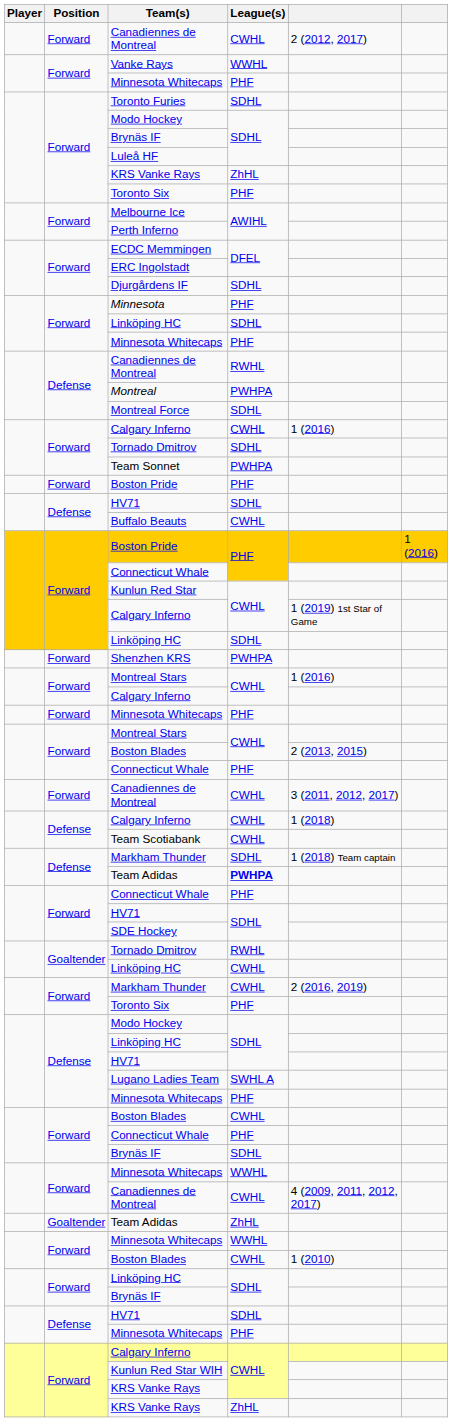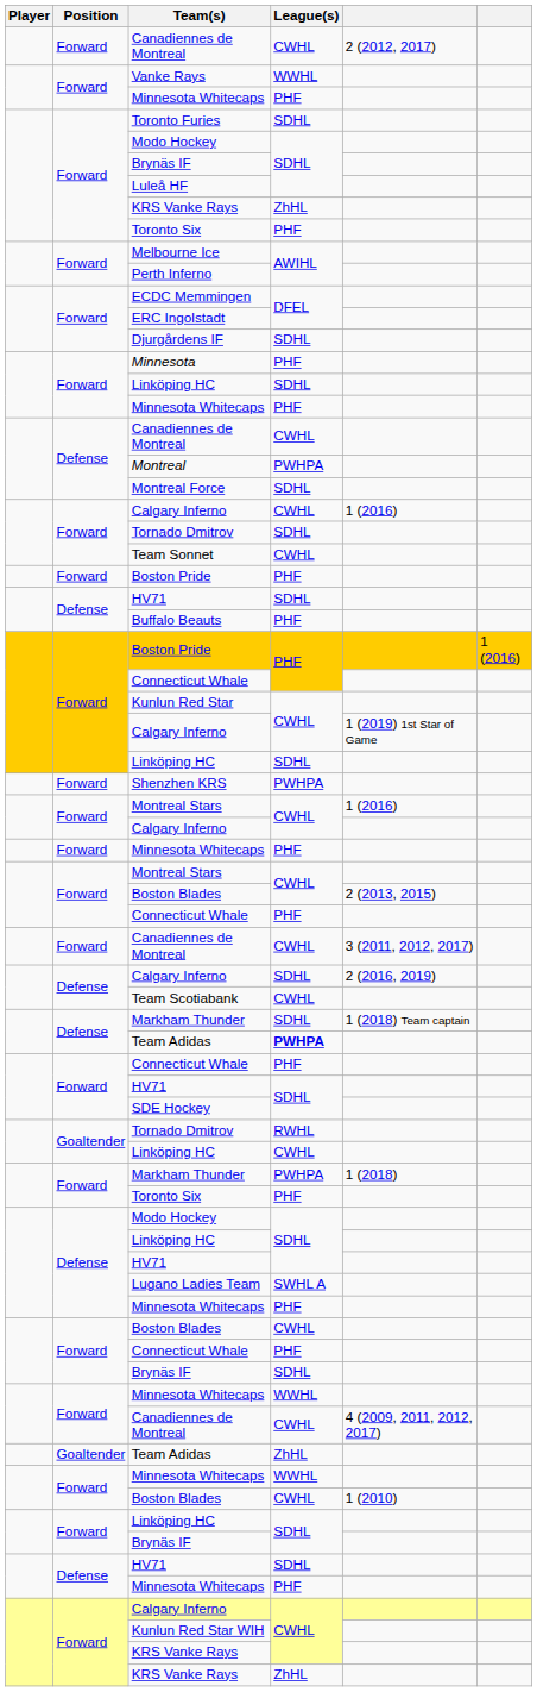 <table class="wikitable sortable">
 <tr>
 <th>Player</th>
 <th>Position</th>
 <th>Team(s)</th>
 <th>League(s)</th>
 <th><a href='#'></a></th>
 <th><a href='#'></a></th>
 </tr>
 <tr bgcolor=>
 <td></td>
 <td><a href='#'>Forward</a></td>
 <td><a href='#'>Canadiennes de Montreal</a></td>
 <td><a href='#'>CWHL</a></td>
 <td>2 (<a href='#'>2012</a>, <a href='#'>2017</a>)</td>
 <td></td>
 </tr>
 <tr>
 <td rowspan="2"></td>
 <td rowspan="2"><a href='#'>Forward</a></td>
 <td><a href='#'>Vanke Rays</a></td>
 <td><a href='#'>WWHL</a></td>
 <td></td>
 <td></td>
 </tr>
 <tr>
 <td><a href='#'>Minnesota Whitecaps</a></td>
 <td><a href='#'>PHF</a></td>
 <td></td>
 <td></td>
 </tr>
 <tr bgcolor=>
 <td rowspan="6"></td>
 <td rowspan="6"><a href='#'>Forward</a></td>
 <td><a href='#'>Toronto Furies</a></td>
 <td><a href='#'>SDHL</a></td>
 <td></td>
 <td></td>
 </tr>
 <tr>
 <td><a href='#'>Modo Hockey</a></td>
 <td rowspan="3"><a href='#'>SDHL</a></td>
 <td></td>
 <td></td>
 </tr>
 <tr>
 <td><a href='#'>Brynäs IF</a></td>
 <td></td>
 <td></td>
 </tr>
 <tr>
 <td><a href='#'>Luleå HF</a></td>
 <td></td>
 <td></td>
 </tr>
 <tr>
 <td><a href='#'>KRS Vanke Rays</a></td>
 <td><a href='#'>ZhHL</a></td>
 <td></td>
 <td></td>
 </tr>
 <tr>
 <td><a href='#'>Toronto Six</a></td>
 <td><a href='#'>PHF</a></td>
 <td></td>
 <td></td>
 </tr>
 <tr bgcolor="">
 <td rowspan="2"></td>
 <td rowspan="2"><a href='#'>Forward</a></td>
 <td><a href='#'>Melbourne Ice</a></td>
 <td rowspan="2"><a href='#'>AWIHL</a></td>
 <td></td>
 <td></td>
 </tr>
 <tr>
 <td><a href='#'>Perth Inferno</a></td>
 <td></td>
 <td></td>
 </tr>
 <tr>
 <td rowspan="3"></td>
 <td rowspan="3"><a href='#'>Forward</a></td>
 <td><a href='#'>ECDC Memmingen</a></td>
 <td rowspan="2"><a href='#'>DFEL</a></td>
 <td></td>
 <td></td>
 </tr>
 <tr>
 <td><a href='#'>ERC Ingolstadt</a></td>
 <td></td>
 <td></td>
 </tr>
 <tr>
 <td><a href='#'>Djurgårdens IF</a></td>
 <td><a href='#'>SDHL</a></td>
 <td></td>
 <td></td>
 </tr>
 <tr>
 <td rowspan="3"></td>
 <td rowspan="3"><a href='#'>Forward</a></td>
 <td><em>Minnesota</em></td>
 <td><a href='#'>PHF</a></td>
 <td></td>
 <td></td>
 </tr>
 <tr>
 <td><a href='#'>Linköping HC</a></td>
 <td><a href='#'>SDHL</a></td>
 <td></td>
 <td></td>
 </tr>
 <tr>
 <td><a href='#'>Minnesota Whitecaps</a></td>
 <td><a href='#'>PHF</a></td>
 <td></td>
 <td></td>
 </tr>
 <tr>
 <td rowspan="3"></td>
 <td rowspan="3"><a href='#'>Defense</a></td>
 <td><a href='#'>Canadiennes de Montreal</a></td>
-<td><a href='#'>RWHL</a></td>
+<td><a href='#'>CWHL</a></td>
 <td></td>
 <td></td>
 </tr>
 <tr>
 <td><em>Montreal</em></td>
 <td><a href='#'>PWHPA</a></td>
 <td></td>
 <td></td>
 </tr>
 <tr>
 <td><a href='#'>Montreal Force</a></td>
 <td><a href='#'>SDHL</a></td>
 <td></td>
 <td></td>
 </tr>
 <tr bgcolor="">
 <td rowspan="3"></td>
 <td rowspan="3"><a href='#'>Forward</a></td>
 <td><a href='#'>Calgary Inferno</a></td>
 <td><a href='#'>CWHL</a></td>
 <td>1 (<a href='#'>2016</a>)</td>
 <td></td>
 </tr>
 <tr>
 <td><a href='#'>Tornado Dmitrov</a></td>
 <td><a href='#'>SDHL</a></td>
 <td></td>
 <td></td>
 </tr>
 <tr>
 <td>Team Sonnet</td>
-<td><a href='#'>PWHPA</a></td>
+<td><a href='#'>CWHL</a></td>
 <td></td>
 <td></td>
 </tr>
 <tr>
 <td></td>
 <td><a href='#'>Forward</a></td>
 <td><a href='#'>Boston Pride</a></td>
 <td><a href='#'>PHF</a></td>
 <td></td>
 <td></td>
 </tr>
 <tr>
 <td rowspan="2"></td>
 <td rowspan="2"><a href='#'>Defense</a></td>
 <td><a href='#'>HV71</a></td>
 <td><a href='#'>SDHL</a></td>
 <td></td>
 <td></td>
 </tr>
 <tr>
 <td><a href='#'>Buffalo Beauts</a></td>
-<td><a href='#'>CWHL</a></td>
+<td><a href='#'>PHF</a></td>
 <td></td>
 <td></td>
 </tr>
 <tr bgcolor="FFCC00">
 <td rowspan="5"></td>
 <td rowspan="5"><a href='#'>Forward</a></td>
 <td><a href='#'>Boston Pride</a></td>
 <td rowspan="2"><a href='#'>PHF</a></td>
 <td></td>
 <td>1 (<a href='#'>2016</a>)</td>
 </tr>
 <tr>
 <td><a href='#'>Connecticut Whale</a></td>
 <td></td>
 <td></td>
 </tr>
 <tr>
 <td><a href='#'>Kunlun Red Star</a></td>
 <td rowspan="2"><a href='#'>CWHL</a></td>
 <td></td>
 <td></td>
 </tr>
 <tr>
 <td><a href='#'>Calgary Inferno</a></td>
 <td>1 (<a href='#'>2019</a>) <small>1st Star of Game</small></td>
 <td></td>
 </tr>
 <tr>
 <td><a href='#'>Linköping HC</a></td>
 <td><a href='#'>SDHL</a></td>
 <td></td>
 <td></td>
 </tr>
 <tr>
 <td></td>
 <td><a href='#'>Forward</a></td>
 <td><a href='#'>Shenzhen KRS</a></td>
 <td><a href='#'>PWHPA</a></td>
 <td></td>
 <td></td>
 </tr>
 <tr bgcolor="">
 <td rowspan="2"></td>
 <td rowspan="2"><a href='#'>Forward</a></td>
 <td><a href='#'>Montreal Stars</a></td>
 <td rowspan="2"><a href='#'>CWHL</a></td>
 <td>1 (<a href='#'>2016</a>)</td>
 <td></td>
 </tr>
 <tr>
 <td><a href='#'>Calgary Inferno</a></td>
 <td></td>
 <td></td>
 </tr>
 <tr>
 <td></td>
 <td><a href='#'>Forward</a></td>
 <td><a href='#'>Minnesota Whitecaps</a></td>
 <td><a href='#'>PHF</a></td>
 <td></td>
 <td></td>
 </tr>
 <tr>
 <td rowspan="3"></td>
 <td rowspan="3"><a href='#'>Forward</a></td>
 <td><a href='#'>Montreal Stars</a></td>
 <td rowspan="2"><a href='#'>CWHL</a></td>
 <td></td>
 <td></td>
 </tr>
 <tr>
 <td><a href='#'>Boston Blades</a></td>
 <td>2 (<a href='#'>2013</a>, <a href='#'>2015</a>)</td>
 <td></td>
 </tr>
 <tr>
 <td><a href='#'>Connecticut Whale</a></td>
 <td><a href='#'>PHF</a></td>
 <td></td>
 <td></td>
 </tr>
 <tr bgcolor="">
 <td></td>
 <td><a href='#'>Forward</a></td>
 <td><a href='#'>Canadiennes de Montreal</a></td>
 <td><a href='#'>CWHL</a></td>
 <td>3 (<a href='#'>2011</a>, <a href='#'>2012</a>, <a href='#'>2017</a>)</td>
 <td></td>
 </tr>
 <tr bgcolor="">
 <td rowspan="2"></td>
 <td rowspan="2"><a href='#'>Defense</a></td>
 <td><a href='#'>Calgary Inferno</a></td>
-<td><a href='#'>CWHL</a></td>
-<td>1 (<a href='#'>2018</a>)</td>
+<td><a href='#'>SDHL</a></td>
+<td>2 (<a href='#'>2016</a>, <a href='#'>2019</a>)</td>
 <td></td>
 </tr>
 <tr>
 <td>Team Scotiabank</td>
 <td><a href='#'>CWHL</a></td>
 <td></td>
 <td></td>
 </tr>
 <tr bgcolor="">
 <td rowspan="2"></td>
 <td rowspan="2"><a href='#'>Defense</a></td>
 <td><a href='#'>Markham Thunder</a></td>
 <td><a href='#'>SDHL</a></td>
 <td>1 (<a href='#'>2018</a>) <small>Team captain</small></td>
 <td></td>
 </tr>
 <tr>
 <td>Team Adidas</td>
 <td><strong><a href='#'>PWHPA</a></strong></td>
 <td></td>
 <td></td>
 </tr>
 <tr>
 <td rowspan="3"></td>
 <td rowspan="3"><a href='#'>Forward</a></td>
 <td><a href='#'>Connecticut Whale</a></td>
 <td><a href='#'>PHF</a></td>
 <td></td>
 <td></td>
 </tr>
 <tr>
 <td><a href='#'>HV71</a></td>
 <td rowspan="2"><a href='#'>SDHL</a></td>
 <td></td>
 <td></td>
 </tr>
 <tr>
 <td><a href='#'>SDE Hockey</a></td>
 <td></td>
 <td></td>
 </tr>
 <tr bgcolor="">
 <td rowspan="2"></td>
 <td rowspan="2"><a href='#'>Goaltender</a></td>
 <td><a href='#'>Tornado Dmitrov</a></td>
 <td><a href='#'>RWHL</a></td>
 <td></td>
 <td></td>
 </tr>
 <tr>
 <td><a href='#'>Linköping HC</a></td>
 <td><a href='#'>CWHL</a></td>
 <td></td>
 <td></td>
 </tr>
 <tr bgcolor="">
 <td rowspan="2"></td>
 <td rowspan="2"><a href='#'>Forward</a></td>
 <td><a href='#'>Markham Thunder</a></td>
-<td><a href='#'>CWHL</a></td>
-<td>2 (<a href='#'>2016</a>, <a href='#'>2019</a>)</td>
+<td><a href='#'>PWHPA</a></td>
+<td>1 (<a href='#'>2018</a>)</td>
 <td></td>
 </tr>
 <tr>
 <td><a href='#'>Toronto Six</a></td>
 <td><a href='#'>PHF</a></td>
 <td></td>
 <td></td>
 </tr>
 <tr>
 <td rowspan="5"></td>
 <td rowspan="5"><a href='#'>Defense</a></td>
 <td><a href='#'>Modo Hockey</a></td>
 <td rowspan="3"><a href='#'>SDHL</a></td>
 <td></td>
 <td></td>
 </tr>
 <tr>
 <td><a href='#'>Linköping HC</a></td>
 <td></td>
 <td></td>
 </tr>
 <tr>
 <td><a href='#'>HV71</a></td>
 <td></td>
 <td></td>
 </tr>
 <tr>
 <td><a href='#'>Lugano Ladies Team</a></td>
 <td><a href='#'>SWHL A</a></td>
 <td></td>
 <td></td>
 </tr>
 <tr>
 <td><a href='#'>Minnesota Whitecaps</a></td>
 <td><a href='#'>PHF</a></td>
 <td></td>
 <td></td>
 </tr>
 <tr>
 <td rowspan="3"></td>
 <td rowspan="3"><a href='#'>Forward</a></td>
 <td><a href='#'>Boston Blades</a></td>
 <td><a href='#'>CWHL</a></td>
 <td></td>
 <td></td>
 </tr>
 <tr>
 <td><a href='#'>Connecticut Whale</a></td>
 <td><a href='#'>PHF</a></td>
 <td></td>
 <td></td>
 </tr>
 <tr>
 <td><a href='#'>Brynäs IF</a></td>
 <td><a href='#'>SDHL</a></td>
 <td></td>
 <td></td>
 </tr>
 <tr bgcolor="">
 <td rowspan="2"></td>
 <td rowspan="2"><a href='#'>Forward</a></td>
 <td><a href='#'>Minnesota Whitecaps</a></td>
 <td><a href='#'>WWHL</a></td>
 <td></td>
 <td></td>
 </tr>
 <tr>
 <td><a href='#'>Canadiennes de Montreal</a></td>
 <td><a href='#'>CWHL</a></td>
 <td>4 (<a href='#'>2009</a>, <a href='#'>2011</a>, <a href='#'>2012</a>, <a href='#'>2017</a>)</td>
 <td></td>
 </tr>
 <tr>
 <td></td>
 <td><a href='#'>Goaltender</a></td>
 <td>Team Adidas</td>
 <td><a href='#'>ZhHL</a></td>
 <td></td>
 <td></td>
 </tr>
 <tr bgcolor="">
 <td rowspan="2"></td>
 <td rowspan="2"><a href='#'>Forward</a></td>
 <td><a href='#'>Minnesota Whitecaps</a></td>
 <td><a href='#'>WWHL</a></td>
 <td></td>
 <td></td>
 </tr>
 <tr>
 <td><a href='#'>Boston Blades</a></td>
 <td><a href='#'>CWHL</a></td>
 <td>1 (<a href='#'>2010</a>)</td>
 <td></td>
 </tr>
 <tr bgcolor="">
 <td rowspan="2"></td>
 <td rowspan="2"><a href='#'>Forward</a></td>
 <td><a href='#'>Linköping HC</a></td>
 <td rowspan="2"><a href='#'>SDHL</a></td>
 <td></td>
 <td></td>
 </tr>
 <tr>
 <td><a href='#'>Brynäs IF</a></td>
 <td></td>
 <td></td>
 </tr>
 <tr>
 <td rowspan="2"></td>
 <td rowspan="2"><a href='#'>Defense</a></td>
 <td><a href='#'>HV71</a></td>
 <td><a href='#'>SDHL</a></td>
 <td></td>
 <td></td>
 </tr>
 <tr>
 <td><a href='#'>Minnesota Whitecaps</a></td>
 <td><a href='#'>PHF</a></td>
 <td></td>
 <td></td>
 </tr>
 <tr bgcolor="FFFF99">
 <td rowspan="4"></td>
 <td rowspan="4"><a href='#'>Forward</a></td>
 <td><a href='#'>Calgary Inferno</a></td>
 <td rowspan="3"><a href='#'>CWHL</a></td>
 <td></td>
 <td></td>
 </tr>
 <tr>
 <td><a href='#'>Kunlun Red Star WIH</a></td>
 <td></td>
 <td></td>
 </tr>
 <tr>
 <td><a href='#'>KRS Vanke Rays</a></td>
 <td></td>
 <td></td>
 </tr>
 <tr>
 <td><a href='#'>KRS Vanke Rays</a></td>
 <td><a href='#'>ZhHL</a></td>
 <td></td>
 <td></td>
 </tr>
 </table>
